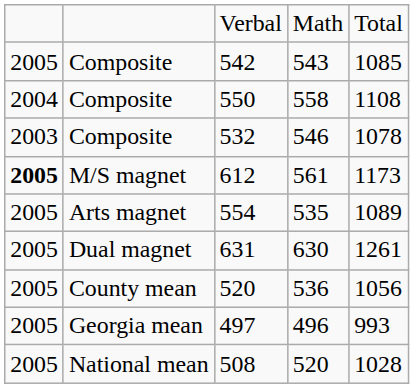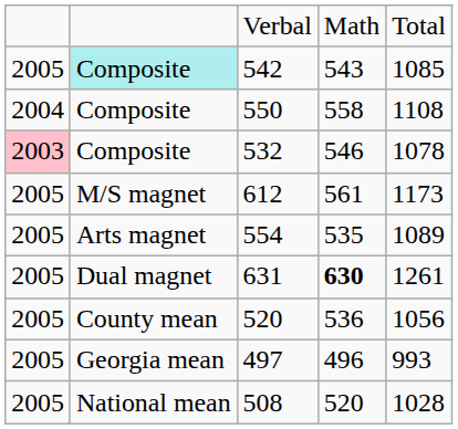 <table class="wikitable">
 <tr>
 <td></td>
 <td></td>
 <td>Verbal</td>
 <td>Math</td>
 <td>Total</td>
 </tr>
 <tr>
 <td>2005</td>
-<td>Composite</td>
+<td style="background: paleturquoise;">Composite</td>
 <td>542</td>
 <td>543</td>
 <td>1085</td>
 </tr>
 <tr>
 <td>2004</td>
 <td>Composite</td>
 <td>550</td>
 <td>558</td>
 <td>1108</td>
 </tr>
 <tr>
-<td>2003</td>
+<td style="background: pink;">2003</td>
 <td>Composite</td>
 <td>532</td>
 <td>546</td>
 <td>1078</td>
 </tr>
 <tr>
-<td><strong>2005</strong></td>
+<td>2005</td>
 <td>M/S magnet</td>
 <td>612</td>
 <td>561</td>
 <td>1173</td>
 </tr>
 <tr>
 <td>2005</td>
 <td>Arts magnet</td>
 <td>554</td>
 <td>535</td>
 <td>1089</td>
 </tr>
 <tr>
 <td>2005</td>
 <td>Dual magnet</td>
 <td>631</td>
-<td>630</td>
+<td><strong>630</strong></td>
 <td>1261</td>
 </tr>
 <tr>
 <td>2005</td>
 <td>County mean</td>
 <td>520</td>
 <td>536</td>
 <td>1056</td>
 </tr>
 <tr>
 <td>2005</td>
 <td>Georgia mean</td>
 <td>497</td>
 <td>496</td>
 <td>993</td>
 </tr>
 <tr>
 <td>2005</td>
 <td>National mean</td>
 <td>508</td>
 <td>520</td>
 <td>1028</td>
 </tr>
 </table>
